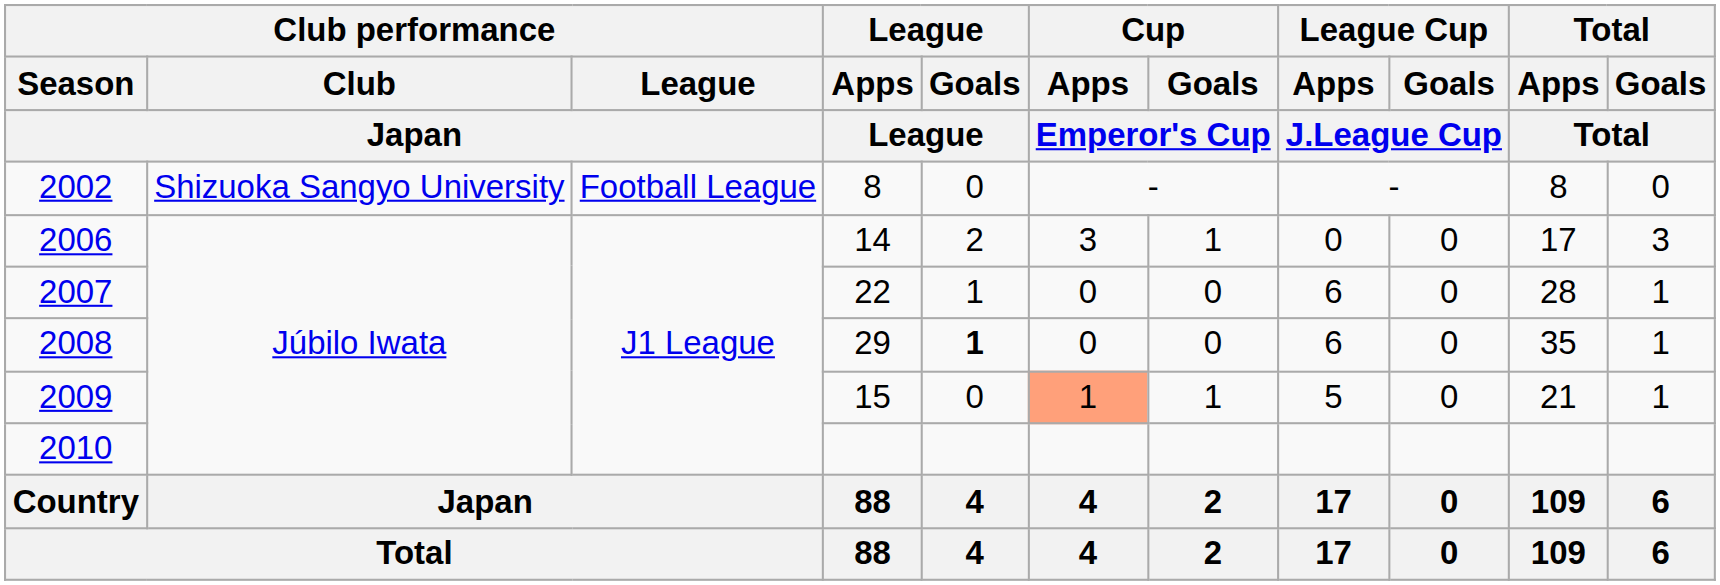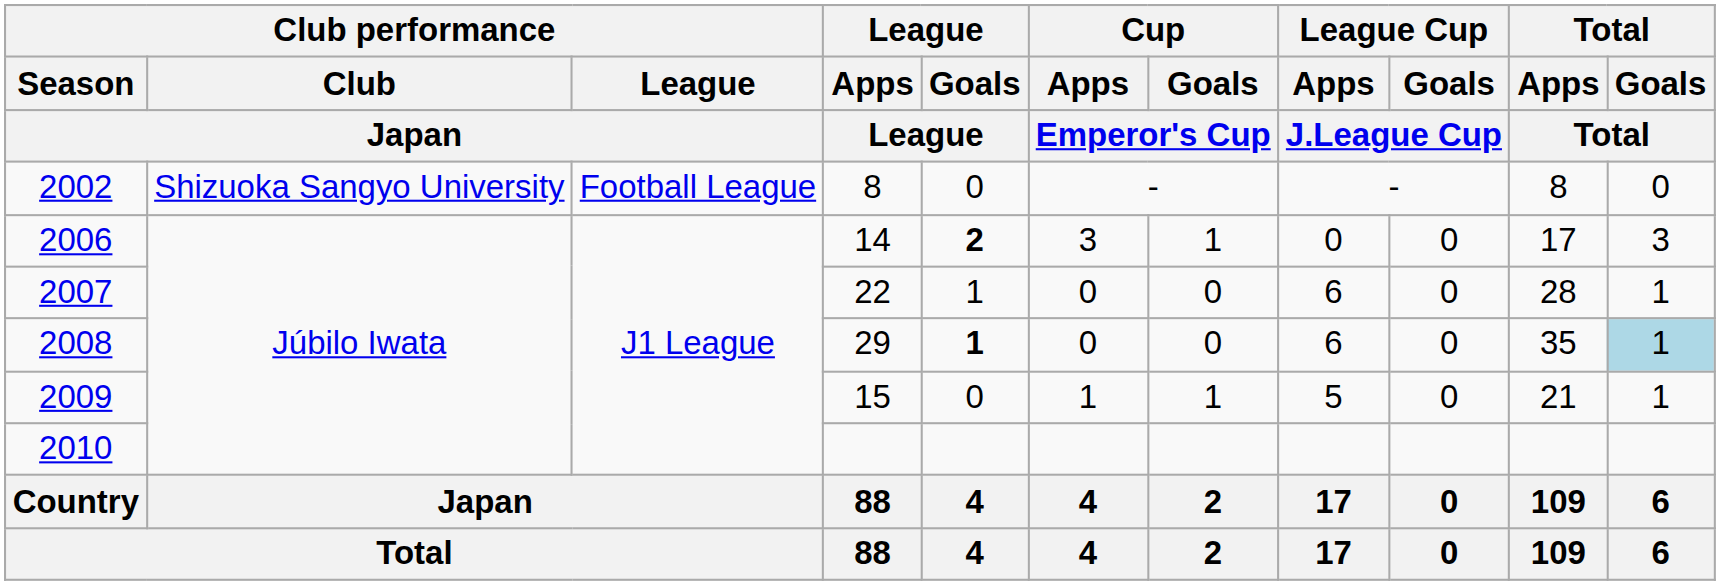 <table class="wikitable" style="text-align:center;">
 <tr>
 <th colspan=3>Club performance</th>
 <th colspan=2>League</th>
 <th colspan=2>Cup</th>
 <th colspan=2>League Cup</th>
 <th colspan=2>Total</th>
 </tr>
 <tr>
 <th>Season</th>
 <th>Club</th>
 <th>League</th>
 <th>Apps</th>
 <th>Goals</th>
 <th>Apps</th>
 <th>Goals</th>
 <th>Apps</th>
 <th>Goals</th>
 <th>Apps</th>
 <th>Goals</th>
 </tr>
 <tr>
 <th colspan=3>Japan</th>
 <th colspan=2>League</th>
 <th colspan=2><a href='#'>Emperor's Cup</a></th>
 <th colspan=2><a href='#'>J.League Cup</a></th>
 <th colspan=2>Total</th>
 </tr>
 <tr>
 <td><a href='#'>2002</a></td>
 <td><a href='#'>Shizuoka Sangyo University</a></td>
 <td><a href='#'>Football League</a></td>
 <td>8</td>
 <td>0</td>
 <td colspan="2">-</td>
 <td colspan="2">-</td>
 <td>8</td>
 <td>0</td>
 </tr>
 <tr>
 <td><a href='#'>2006</a></td>
 <td rowspan="5"><a href='#'>Júbilo Iwata</a></td>
 <td rowspan="5"><a href='#'>J1 League</a></td>
 <td>14</td>
-<td>2</td>
+<td><strong>2</strong></td>
 <td>3</td>
 <td>1</td>
 <td>0</td>
 <td>0</td>
 <td>17</td>
 <td>3</td>
 </tr>
 <tr>
 <td><a href='#'>2007</a></td>
 <td>22</td>
 <td>1</td>
 <td>0</td>
 <td>0</td>
 <td>6</td>
 <td>0</td>
 <td>28</td>
 <td>1</td>
 </tr>
 <tr>
 <td><a href='#'>2008</a></td>
 <td>29</td>
 <td><strong>1</strong></td>
 <td>0</td>
 <td>0</td>
 <td>6</td>
 <td>0</td>
 <td>35</td>
-<td>1</td>
+<td style="background: lightblue;">1</td>
 </tr>
 <tr>
 <td><a href='#'>2009</a></td>
 <td>15</td>
 <td>0</td>
-<td style="background: lightsalmon;">1</td>
+<td>1</td>
 <td>1</td>
 <td>5</td>
 <td>0</td>
 <td>21</td>
 <td>1</td>
 </tr>
 <tr>
 <td><a href='#'>2010</a></td>
 <td></td>
 <td></td>
 <td></td>
 <td></td>
 <td></td>
 <td></td>
 <td></td>
 <td></td>
 </tr>
 <tr>
 <th rowspan=1>Country</th>
 <th colspan=2>Japan</th>
 <th>88</th>
 <th>4</th>
 <th>4</th>
 <th>2</th>
 <th>17</th>
 <th>0</th>
 <th>109</th>
 <th>6</th>
 </tr>
 <tr>
 <th colspan=3>Total</th>
 <th>88</th>
 <th>4</th>
 <th>4</th>
 <th>2</th>
 <th>17</th>
 <th>0</th>
 <th>109</th>
 <th>6</th>
 </tr>
 </table>
